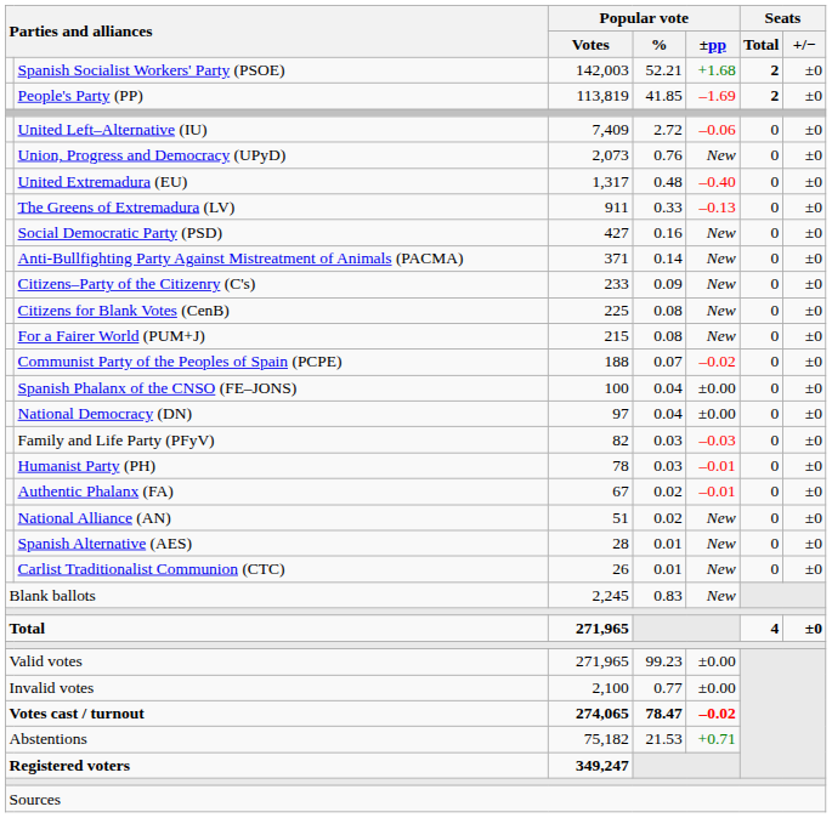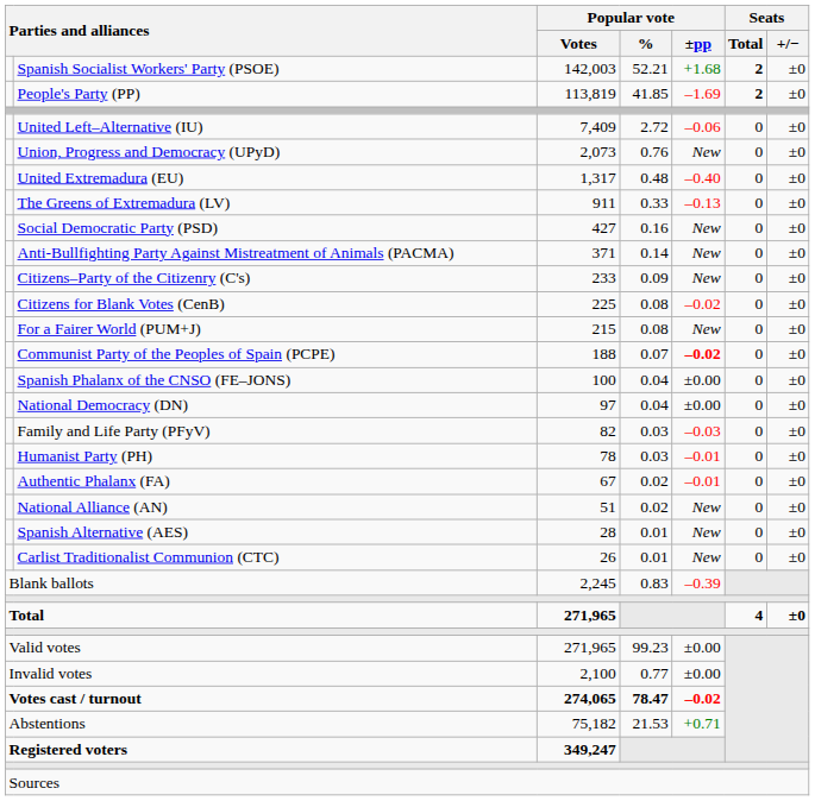 <table class="wikitable" style="text-align:right;">
 <tr>
 <th style="text-align:left;" rowspan="2" colspan="2" width="525">Parties and alliances</th>
 <th colspan="3">Popular vote</th>
 <th colspan="2">Seats</th>
 </tr>
 <tr>
 <th width="75">Votes</th>
 <th width="45">%</th>
 <th width="45">±<a href='#'>pp</a></th>
 <th width="35">Total</th>
 <th width="35">+/−</th>
 </tr>
 <tr>
 <td width="1" style="color:inherit;background:"></td>
 <td align="left"><a href='#'>Spanish Socialist Workers' Party</a> (PSOE)</td>
 <td>142,003</td>
 <td>52.21</td>
 <td style="color:green;">+1.68</td>
 <td><strong>2</strong></td>
 <td>±0</td>
 </tr>
 <tr>
 <td style="color:inherit;background:"></td>
 <td align="left"><a href='#'>People's Party</a> (PP)</td>
 <td>113,819</td>
 <td>41.85</td>
 <td style="color:red;">–1.69</td>
 <td><strong>2</strong></td>
 <td>±0</td>
 </tr>
 <tr>
 <td colspan="7" bgcolor="#C0C0C0"></td>
 </tr>
 <tr>
 <td style="color:inherit;background:"></td>
 <td align="left"><a href='#'>United Left–Alternative</a> (IU)</td>
 <td>7,409</td>
 <td>2.72</td>
 <td style="color:red;">–0.06</td>
 <td>0</td>
 <td>±0</td>
 </tr>
 <tr>
 <td style="color:inherit;background:"></td>
 <td align="left"><a href='#'>Union, Progress and Democracy</a> (UPyD)</td>
 <td>2,073</td>
 <td>0.76</td>
 <td><em>New</em></td>
 <td>0</td>
 <td>±0</td>
 </tr>
 <tr>
 <td style="color:inherit;background:"></td>
 <td align="left"><a href='#'>United Extremadura</a> (EU)</td>
 <td>1,317</td>
 <td>0.48</td>
 <td style="color:red;">–0.40</td>
 <td>0</td>
 <td>±0</td>
 </tr>
 <tr>
 <td style="color:inherit;background:"></td>
 <td align="left"><a href='#'>The Greens of Extremadura</a> (LV)</td>
 <td>911</td>
 <td>0.33</td>
 <td style="color:red;">–0.13</td>
 <td>0</td>
 <td>±0</td>
 </tr>
 <tr>
 <td style="color:inherit;background:"></td>
 <td align="left"><a href='#'>Social Democratic Party</a> (PSD)</td>
 <td>427</td>
 <td>0.16</td>
 <td><em>New</em></td>
 <td>0</td>
 <td>±0</td>
 </tr>
 <tr>
 <td style="color:inherit;background:"></td>
 <td align="left"><a href='#'>Anti-Bullfighting Party Against Mistreatment of Animals</a> (PACMA)</td>
 <td>371</td>
 <td>0.14</td>
 <td><em>New</em></td>
 <td>0</td>
 <td>±0</td>
 </tr>
 <tr>
 <td style="color:inherit;background:"></td>
 <td align="left"><a href='#'>Citizens–Party of the Citizenry</a> (C's)</td>
 <td>233</td>
 <td>0.09</td>
 <td><em>New</em></td>
 <td>0</td>
 <td>±0</td>
 </tr>
 <tr>
 <td style="color:inherit;background:"></td>
 <td align="left"><a href='#'>Citizens for Blank Votes</a> (CenB)</td>
 <td>225</td>
 <td>0.08</td>
-<td><em>New</em></td>
+<td style="color:red;">–0.02</td>
 <td>0</td>
 <td>±0</td>
 </tr>
 <tr>
 <td style="color:inherit;background:"></td>
 <td align="left"><a href='#'>For a Fairer World</a> (PUM+J)</td>
 <td>215</td>
 <td>0.08</td>
 <td><em>New</em></td>
 <td>0</td>
 <td>±0</td>
 </tr>
 <tr>
 <td style="color:inherit;background:"></td>
 <td align="left"><a href='#'>Communist Party of the Peoples of Spain</a> (PCPE)</td>
 <td>188</td>
 <td>0.07</td>
-<td style="color:red;">–0.02</td>
+<td style="color:red;"><strong>–0.02</strong></td>
 <td>0</td>
 <td>±0</td>
 </tr>
 <tr>
 <td style="color:inherit;background:"></td>
 <td align="left"><a href='#'>Spanish Phalanx of the CNSO</a> (FE–JONS)</td>
 <td>100</td>
 <td>0.04</td>
 <td>±0.00</td>
 <td>0</td>
 <td>±0</td>
 </tr>
 <tr>
 <td style="color:inherit;background:"></td>
 <td align="left"><a href='#'>National Democracy</a> (DN)</td>
 <td>97</td>
 <td>0.04</td>
 <td>±0.00</td>
 <td>0</td>
 <td>±0</td>
 </tr>
 <tr>
 <td style="color:inherit;background:"></td>
 <td align="left">Family and Life Party (PFyV)</td>
 <td>82</td>
 <td>0.03</td>
 <td style="color:red;">–0.03</td>
 <td>0</td>
 <td>±0</td>
 </tr>
 <tr>
 <td style="color:inherit;background:"></td>
 <td align="left"><a href='#'>Humanist Party</a> (PH)</td>
 <td>78</td>
 <td>0.03</td>
 <td style="color:red;">–0.01</td>
 <td>0</td>
 <td>±0</td>
 </tr>
 <tr>
 <td style="color:inherit;background:"></td>
 <td align="left"><a href='#'>Authentic Phalanx</a> (FA)</td>
 <td>67</td>
 <td>0.02</td>
 <td style="color:red;">–0.01</td>
 <td>0</td>
 <td>±0</td>
 </tr>
 <tr>
 <td style="color:inherit;background:"></td>
 <td align="left"><a href='#'>National Alliance</a> (AN)</td>
 <td>51</td>
 <td>0.02</td>
 <td><em>New</em></td>
 <td>0</td>
 <td>±0</td>
 </tr>
 <tr>
 <td style="color:inherit;background:"></td>
 <td align="left"><a href='#'>Spanish Alternative</a> (AES)</td>
 <td>28</td>
 <td>0.01</td>
 <td><em>New</em></td>
 <td>0</td>
 <td>±0</td>
 </tr>
 <tr>
 <td style="color:inherit;background:"></td>
 <td align="left"><a href='#'>Carlist Traditionalist Communion</a> (CTC)</td>
 <td>26</td>
 <td>0.01</td>
 <td><em>New</em></td>
 <td>0</td>
 <td>±0</td>
 </tr>
 <tr>
 <td align="left" colspan="2">Blank ballots</td>
 <td>2,245</td>
 <td>0.83</td>
-<td><em>New</em></td>
+<td style="color:red;">–0.39</td>
 <td bgcolor="#E9E9E9" colspan="2"></td>
 </tr>
 <tr>
 <td colspan="7" bgcolor="#E9E9E9"></td>
 </tr>
 <tr style="font-weight:bold;">
 <td align="left" colspan="2">Total</td>
 <td>271,965</td>
 <td bgcolor="#E9E9E9" colspan="2"></td>
 <td>4</td>
 <td>±0</td>
 </tr>
 <tr>
 <td colspan="7" bgcolor="#E9E9E9"></td>
 </tr>
 <tr>
 <td align="left" colspan="2">Valid votes</td>
 <td>271,965</td>
 <td>99.23</td>
 <td>±0.00</td>
 <td bgcolor="#E9E9E9" colspan="2" rowspan="5"></td>
 </tr>
 <tr>
 <td align="left" colspan="2">Invalid votes</td>
 <td>2,100</td>
 <td>0.77</td>
 <td>±0.00</td>
 </tr>
 <tr style="font-weight:bold;">
 <td align="left" colspan="2">Votes cast / turnout</td>
 <td>274,065</td>
 <td>78.47</td>
 <td style="color:red;">–0.02</td>
 </tr>
 <tr>
 <td align="left" colspan="2">Abstentions</td>
 <td>75,182</td>
 <td>21.53</td>
 <td style="color:green;">+0.71</td>
 </tr>
 <tr style="font-weight:bold;">
 <td align="left" colspan="2">Registered voters</td>
 <td>349,247</td>
 <td bgcolor="#E9E9E9" colspan="2"></td>
 </tr>
 <tr>
 <td colspan="7" bgcolor="#E9E9E9"></td>
 </tr>
 <tr>
 <td align="left" colspan="7">Sources</td>
 </tr>
 </table>
